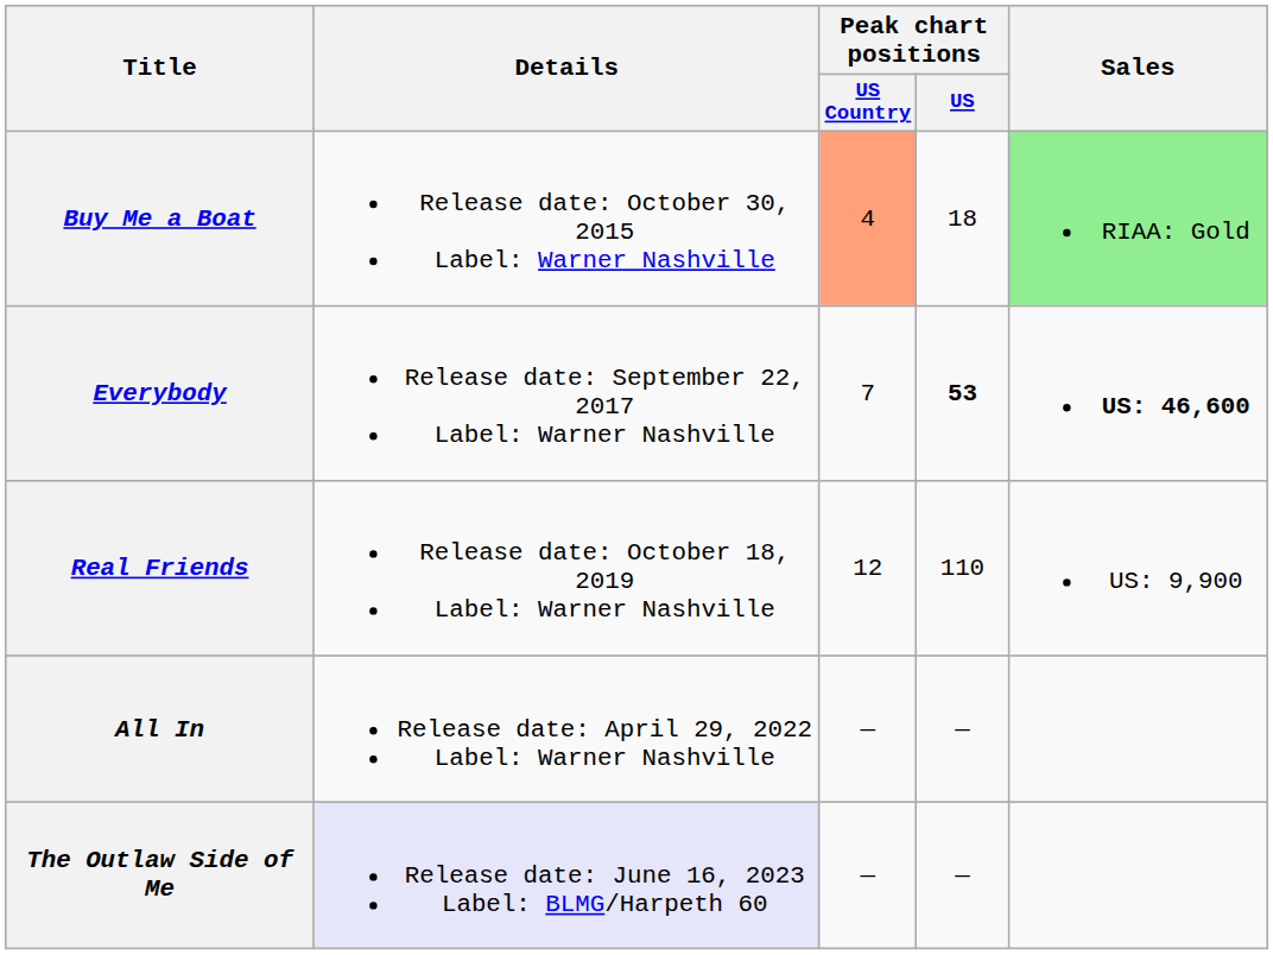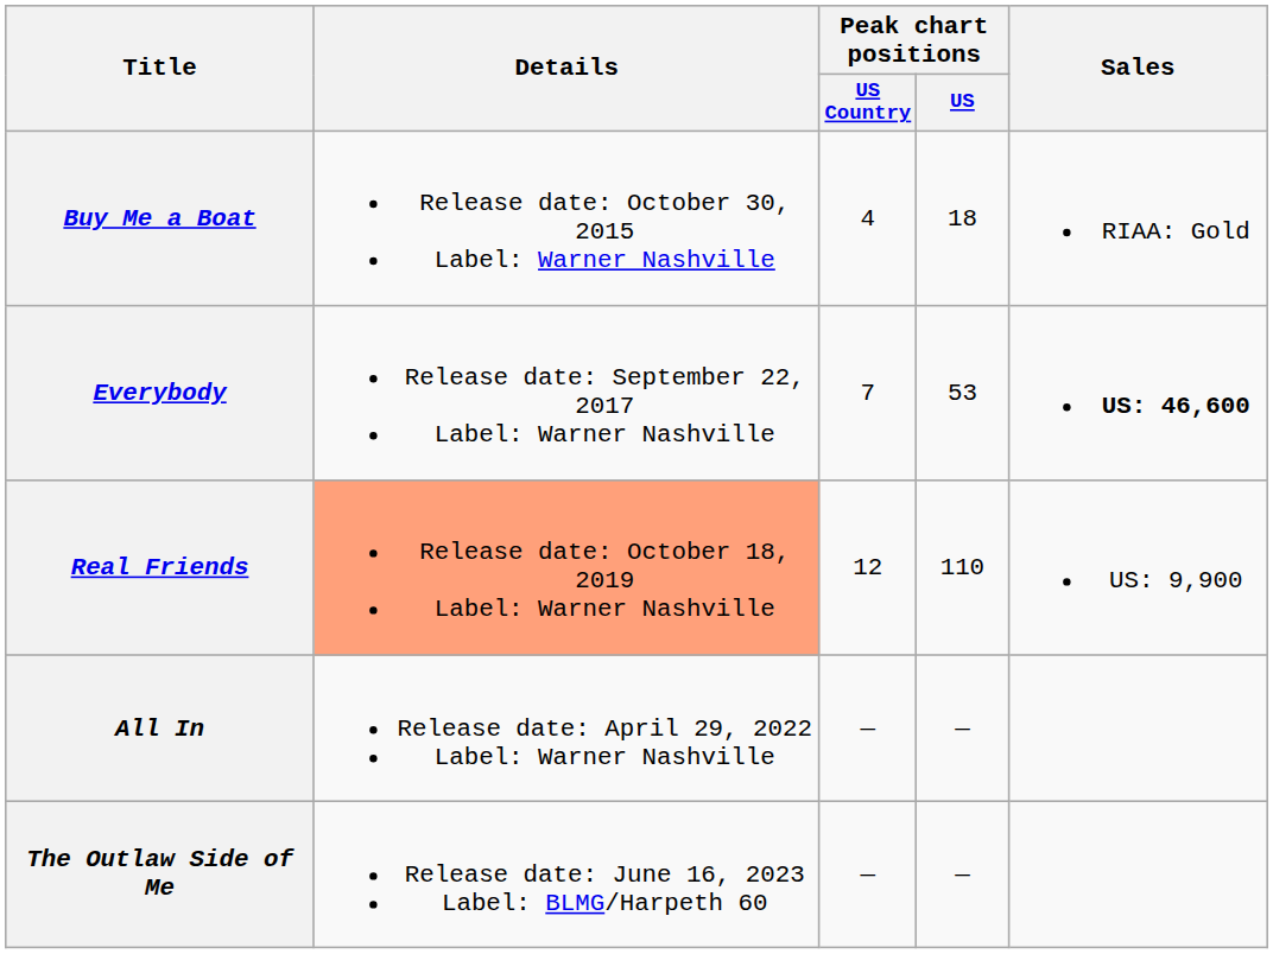 <table class="wikitable plainrowheaders" style="text-align:center;">
 <tr>
 <th rowspan="2" style="width:12em;">Title</th>
 <th rowspan="2" style="width:20em;">Details</th>
 <th colspan="2">Peak chart<br>positions</th>
 <th rowspan="2" style="width:10em;">Sales</th>
 </tr>
 <tr style="font-size:smaller;">
 <th style="width:4em;"><a href='#'>US Country</a><br></th>
 <th style="width:4em;"><a href='#'>US</a><br></th>
 </tr>
 <tr>
 <th scope="row"><em><a href='#'>Buy Me a Boat</a></em></th>
 <td><br><ul><li>Release date: October 30, 2015</li><li>Label: <a href='#'>Warner Nashville</a></li></ul></td>
-<td style="background: lightsalmon;">4</td>
+<td>4</td>
 <td>18</td>
-<td style="background: lightgreen;"><br><ul><li>RIAA: Gold</li></ul></td>
+<td><br><ul><li>RIAA: Gold</li></ul></td>
 </tr>
 <tr>
 <th scope="row"><em><a href='#'>Everybody</a></em></th>
 <td><br><ul><li>Release date: September 22, 2017</li><li>Label: Warner Nashville</li></ul></td>
 <td>7</td>
-<td><strong>53</strong></td>
+<td>53</td>
 <td><strong><br><ul><li>US: 46,600</li></ul></strong></td>
 </tr>
 <tr>
 <th scope="row"><em><a href='#'>Real Friends</a></em></th>
-<td><br><ul><li>Release date: October 18, 2019</li><li>Label: Warner Nashville</li></ul></td>
+<td style="background: lightsalmon;"><br><ul><li>Release date: October 18, 2019</li><li>Label: Warner Nashville</li></ul></td>
 <td>12</td>
 <td>110</td>
 <td><br><ul><li>US: 9,900</li></ul></td>
 </tr>
 <tr>
 <th scope="row"><em>All In</em></th>
 <td><br><ul><li>Release date: April 29, 2022</li><li>Label: Warner Nashville</li></ul></td>
 <td>—</td>
 <td>—</td>
 <td></td>
 </tr>
 <tr>
 <th scope="row"><em>The Outlaw Side of Me</em></th>
-<td style="background: lavender;"><br><ul><li>Release date: June 16, 2023</li><li>Label: <a href='#'>BLMG</a>/Harpeth 60</li></ul></td>
+<td><br><ul><li>Release date: June 16, 2023</li><li>Label: <a href='#'>BLMG</a>/Harpeth 60</li></ul></td>
 <td>—</td>
 <td>—</td>
 <td></td>
 </tr>
 </table>
